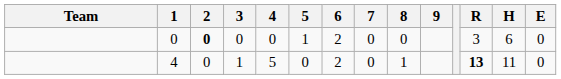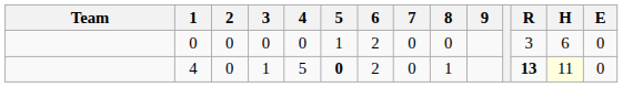 <table border=1 cellspacing=0 width=600 style="margin-left:3em;" class="wikitable">
 <tr style="text-align:center; background-color:#e6e6e6;">
 <th align=left width=28%>Team</th>
 <th width=6%>1</th>
 <th width=6%>2</th>
 <th width=6%>3</th>
 <th width=6%>4</th>
 <th width=6%>5</th>
 <th width=6%>6</th>
 <th width=6%>7</th>
 <th width=6%>8</th>
 <th width=6%>9</th>
 <th rowspan="3" width=0.5%></th>
 <th width=6%>R</th>
 <th width=6%>H</th>
 <th width=6%>E</th>
 </tr>
 <tr style="text-align:center;">
 <td align=left></td>
 <td>0</td>
-<td><strong>0</strong></td>
+<td>0</td>
 <td>0</td>
 <td>0</td>
 <td>1</td>
 <td>2</td>
 <td>0</td>
 <td>0</td>
 <td></td>
 <td>3</td>
 <td>6</td>
 <td>0</td>
 </tr>
 <tr style="text-align:center;">
 <td align=left></td>
 <td>4</td>
 <td>0</td>
 <td>1</td>
 <td>5</td>
-<td>0</td>
+<td><strong>0</strong></td>
 <td>2</td>
 <td>0</td>
 <td>1</td>
 <td></td>
 <td><strong>13</strong></td>
-<td>11</td>
+<td style="background: lightyellow;">11</td>
 <td>0</td>
 </tr>
 </table>
